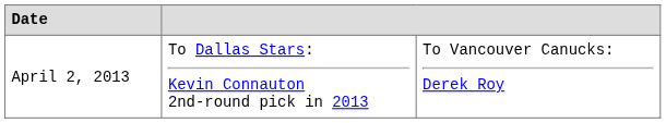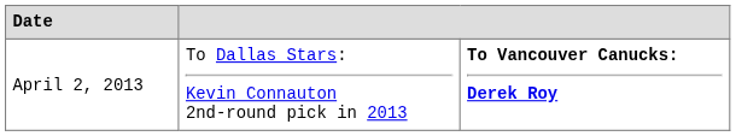 <table border="1"  cellpadding="5" style="border-collapse:collapse; width:90%;">
 <tr style="background:#ddd;">
 <td><strong>Date</strong></td>
 <th colspan="2"></th>
 </tr>
 <tr>
 <td>April 2, 2013</td>
 <td valign="top">To <a href='#'>Dallas Stars</a>: <hr> <a href='#'>Kevin Connauton</a><br>2nd-round pick in <a href='#'>2013</a></td>
-<td valign="top">To Vancouver Canucks: <hr> <a href='#'>Derek Roy</a></td>
+<td valign="top"><strong>To Vancouver Canucks: <hr> <a href='#'>Derek Roy</a></strong></td>
 </tr>
 </table>
